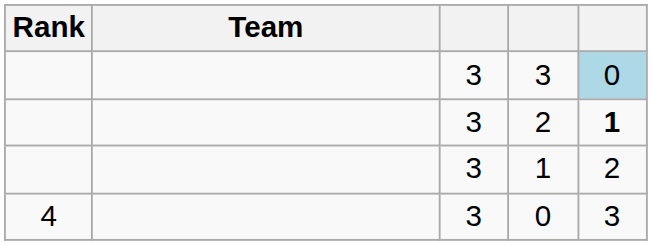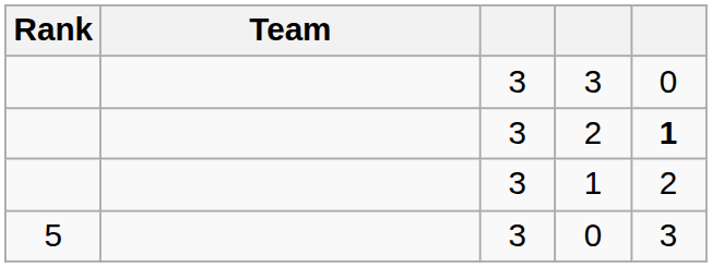 <table class="wikitable" style="text-align: center;">
 <tr>
 <th width=40>Rank</th>
 <th width=180>Team</th>
 <th width=30></th>
 <th width=30></th>
 <th width=30></th>
 </tr>
 <tr>
 <td></td>
 <td align="left"></td>
 <td>3</td>
 <td>3</td>
-<td style="background: lightblue;">0</td>
+<td>0</td>
 </tr>
 <tr>
 <td></td>
 <td align="left"></td>
 <td>3</td>
 <td>2</td>
 <td><strong>1</strong></td>
 </tr>
 <tr>
 <td></td>
 <td align="left"></td>
 <td>3</td>
 <td>1</td>
 <td>2</td>
 </tr>
 <tr>
-<td>4</td>
+<td>5</td>
 <td align="left"></td>
 <td>3</td>
 <td>0</td>
 <td>3</td>
 </tr>
 </table>
